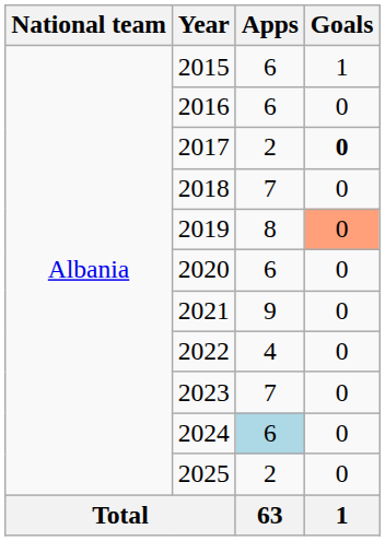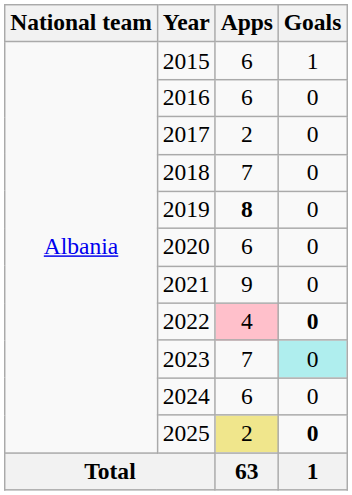 <table class="wikitable" style="text-align:center">
 <tr>
 <th>National team</th>
 <th>Year</th>
 <th>Apps</th>
 <th>Goals</th>
 </tr>
 <tr>
 <td rowspan="11"><a href='#'>Albania</a></td>
 <td>2015</td>
 <td>6</td>
 <td>1</td>
 </tr>
 <tr>
 <td>2016</td>
 <td>6</td>
 <td>0</td>
 </tr>
 <tr>
 <td>2017</td>
 <td>2</td>
-<td><strong>0</strong></td>
+<td>0</td>
 </tr>
 <tr>
 <td>2018</td>
 <td>7</td>
 <td>0</td>
 </tr>
 <tr>
 <td>2019</td>
-<td>8</td>
-<td style="background: lightsalmon;">0</td>
+<td><strong>8</strong></td>
+<td>0</td>
 </tr>
 <tr>
 <td>2020</td>
 <td>6</td>
 <td>0</td>
 </tr>
 <tr>
 <td>2021</td>
 <td>9</td>
 <td>0</td>
 </tr>
 <tr>
 <td>2022</td>
-<td>4</td>
-<td>0</td>
+<td style="background: pink;">4</td>
+<td><strong>0</strong></td>
 </tr>
 <tr>
 <td>2023</td>
 <td>7</td>
-<td>0</td>
+<td style="background: paleturquoise;">0</td>
 </tr>
 <tr>
 <td>2024</td>
-<td style="background: lightblue;">6</td>
+<td>6</td>
 <td>0</td>
 </tr>
 <tr>
 <td>2025</td>
-<td>2</td>
-<td>0</td>
+<td style="background: khaki;">2</td>
+<td><strong>0</strong></td>
 </tr>
 <tr>
 <th colspan="2">Total</th>
 <th>63</th>
 <th>1</th>
 </tr>
 </table>
